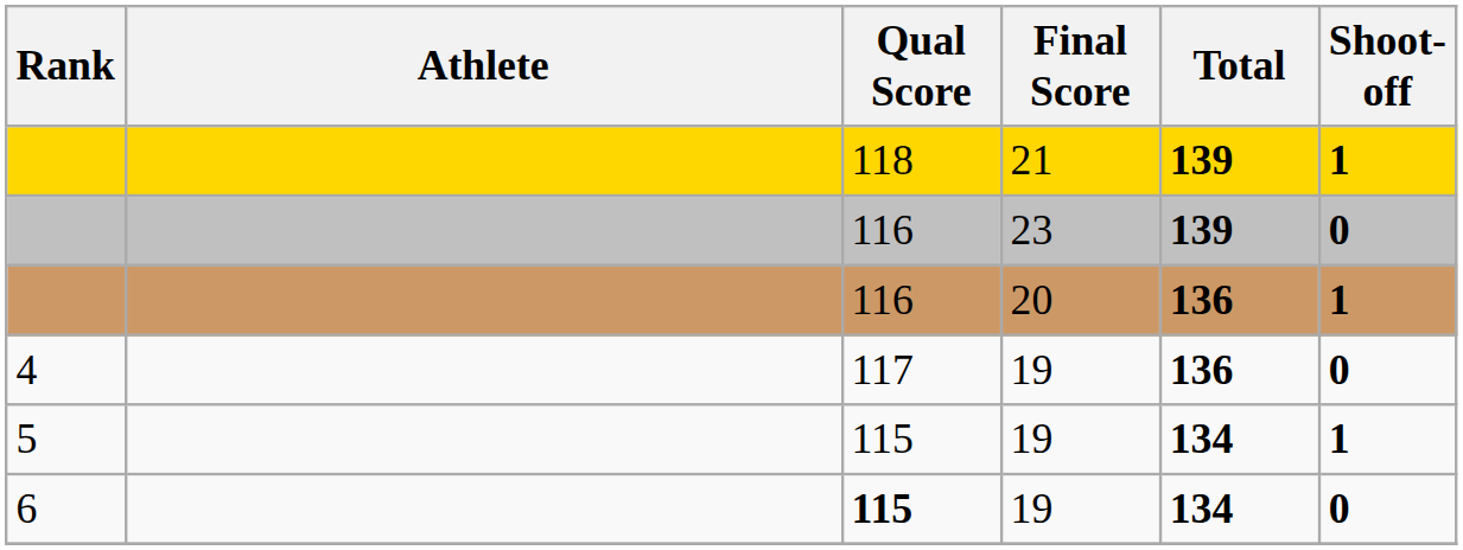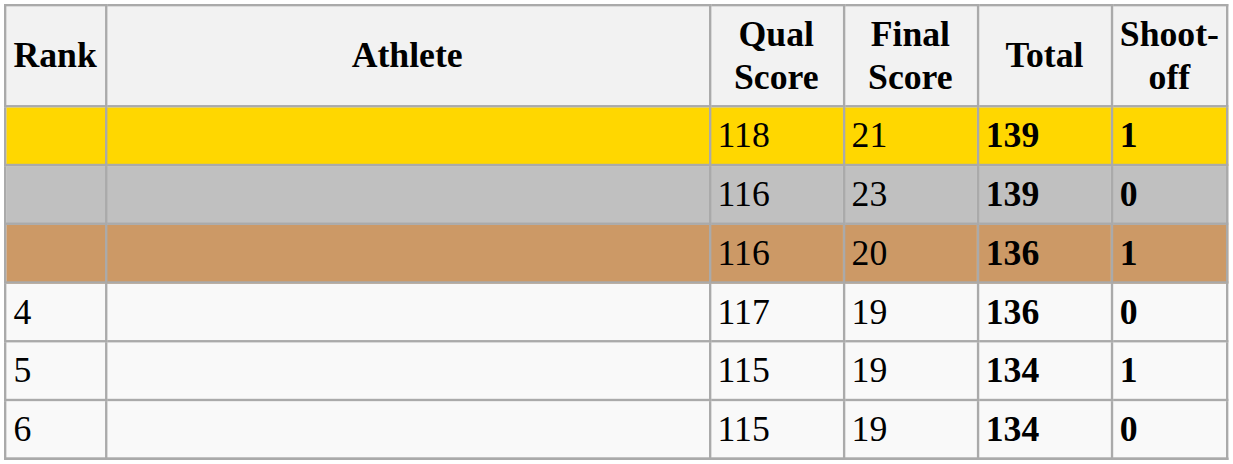 <table class="wikitable" style="font-size:95%" style="width:35em;" style="text-align:center">
 <tr>
 <th>Rank</th>
 <th width=250>Athlete</th>
 <th width=50>Qual Score</th>
 <th width=50>Final Score</th>
 <th width=50>Total</th>
 <th width=40>Shoot-off</th>
 </tr>
 <tr bgcolor=gold>
 <td></td>
 <td align=left></td>
 <td>118</td>
 <td>21</td>
 <td><strong>139</strong></td>
 <td><strong>1</strong></td>
 </tr>
 <tr bgcolor=silver>
 <td></td>
 <td align=left></td>
 <td>116</td>
 <td>23</td>
 <td><strong>139</strong></td>
 <td><strong>0</strong></td>
 </tr>
 <tr bgcolor=cc9966>
 <td></td>
 <td align=left></td>
 <td>116</td>
 <td>20</td>
 <td><strong>136</strong></td>
 <td><strong>1</strong></td>
 </tr>
 <tr>
 <td>4</td>
 <td align=left></td>
 <td>117</td>
 <td>19</td>
 <td><strong>136</strong></td>
 <td><strong>0</strong></td>
 </tr>
 <tr>
 <td>5</td>
 <td align=left></td>
 <td>115</td>
 <td>19</td>
 <td><strong>134</strong></td>
 <td><strong>1</strong></td>
 </tr>
 <tr>
 <td>6</td>
 <td align=left></td>
-<td><strong>115</strong></td>
+<td>115</td>
 <td>19</td>
 <td><strong>134</strong></td>
 <td><strong>0</strong></td>
 </tr>
 <tr>
 </tr>
 </table>
